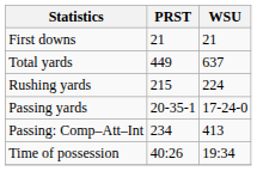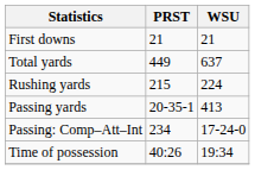 <table class="wikitable" style="float: left;">
 <tr>
 <th>Statistics</th>
 <th>PRST</th>
 <th>WSU</th>
 </tr>
 <tr>
 <td>First downs</td>
 <td>21</td>
 <td>21</td>
 </tr>
 <tr>
 <td>Total yards</td>
 <td>449</td>
 <td>637</td>
 </tr>
 <tr>
 <td>Rushing yards</td>
 <td>215</td>
 <td>224</td>
 </tr>
 <tr>
 <td>Passing yards</td>
 <td>20-35-1</td>
-<td>17-24-0</td>
+<td>413</td>
 </tr>
 <tr>
 <td>Passing: Comp–Att–Int</td>
 <td>234</td>
-<td>413</td>
+<td>17-24-0</td>
 </tr>
 <tr>
 <td>Time of possession</td>
 <td>40:26</td>
 <td>19:34</td>
 </tr>
 <tr>
 </tr>
 </table>
